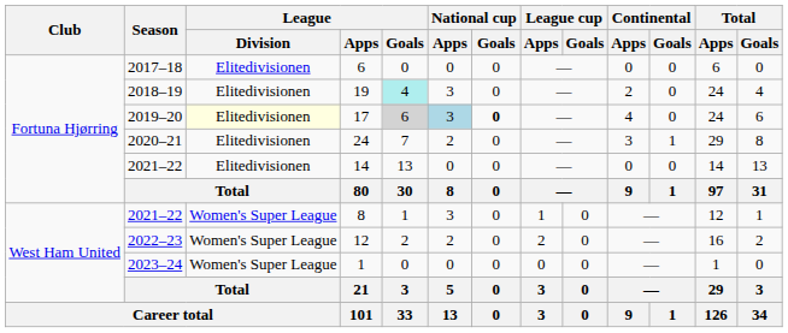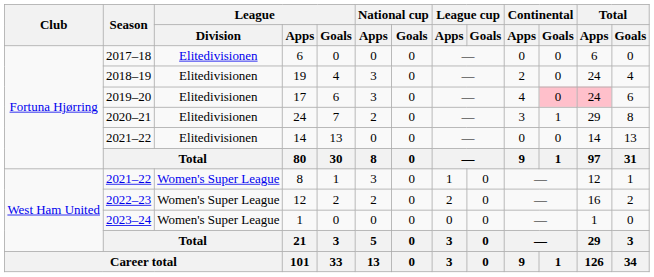 <table class="wikitable" style="text-align:center">
 <tr>
 <th rowspan="2">Club</th>
 <th rowspan="2">Season</th>
 <th colspan="3">League</th>
 <th colspan="2">National cup</th>
 <th colspan="2">League cup</th>
 <th colspan="2">Continental</th>
 <th colspan="2">Total</th>
 </tr>
 <tr>
 <th>Division</th>
 <th>Apps</th>
 <th>Goals</th>
 <th>Apps</th>
 <th>Goals</th>
 <th>Apps</th>
 <th>Goals</th>
 <th>Apps</th>
 <th>Goals</th>
 <th>Apps</th>
 <th>Goals</th>
 </tr>
 <tr>
 <td rowspan="6"><a href='#'>Fortuna Hjørring</a></td>
 <td>2017–18</td>
 <td><a href='#'>Elitedivisionen</a></td>
 <td>6</td>
 <td>0</td>
 <td>0</td>
 <td>0</td>
 <td colspan="2">—</td>
 <td>0</td>
 <td>0</td>
 <td>6</td>
 <td>0</td>
 </tr>
 <tr>
 <td>2018–19</td>
 <td>Elitedivisionen</td>
 <td>19</td>
-<td style="background: paleturquoise;">4</td>
+<td>4</td>
 <td>3</td>
 <td>0</td>
 <td colspan="2">—</td>
 <td>2</td>
 <td>0</td>
 <td>24</td>
 <td>4</td>
 </tr>
 <tr>
 <td>2019–20</td>
-<td style="background: lightyellow;">Elitedivisionen</td>
+<td>Elitedivisionen</td>
 <td>17</td>
-<td style="background: lightgrey;">6</td>
-<td style="background: lightblue;">3</td>
-<td><strong>0</strong></td>
+<td>6</td>
+<td>3</td>
+<td>0</td>
 <td colspan="2">—</td>
 <td>4</td>
-<td>0</td>
-<td>24</td>
+<td style="background: pink;">0</td>
+<td style="background: pink;">24</td>
 <td>6</td>
 </tr>
 <tr>
 <td>2020–21</td>
 <td>Elitedivisionen</td>
 <td>24</td>
 <td>7</td>
 <td>2</td>
 <td>0</td>
 <td colspan="2">—</td>
 <td>3</td>
 <td>1</td>
 <td>29</td>
 <td>8</td>
 </tr>
 <tr>
 <td>2021–22</td>
 <td>Elitedivisionen</td>
 <td>14</td>
 <td>13</td>
 <td>0</td>
 <td>0</td>
 <td colspan="2">—</td>
 <td>0</td>
 <td>0</td>
 <td>14</td>
 <td>13</td>
 </tr>
 <tr>
 <th colspan="2">Total</th>
 <th>80</th>
 <th>30</th>
 <th>8</th>
 <th>0</th>
 <th colspan="2">—</th>
 <th>9</th>
 <th>1</th>
 <th>97</th>
 <th>31</th>
 </tr>
 <tr>
 <td rowspan="4"><a href='#'>West Ham United</a></td>
 <td><a href='#'>2021–22</a></td>
 <td><a href='#'>Women's Super League</a></td>
 <td>8</td>
 <td>1</td>
 <td>3</td>
 <td>0</td>
 <td>1</td>
 <td>0</td>
 <td colspan="2">—</td>
 <td>12</td>
 <td>1</td>
 </tr>
 <tr>
 <td><a href='#'>2022–23</a></td>
 <td>Women's Super League</td>
 <td>12</td>
 <td>2</td>
 <td>2</td>
 <td>0</td>
 <td>2</td>
 <td>0</td>
 <td colspan="2">—</td>
 <td>16</td>
 <td>2</td>
 </tr>
 <tr>
 <td><a href='#'>2023–24</a></td>
 <td>Women's Super League</td>
 <td>1</td>
 <td>0</td>
 <td>0</td>
 <td>0</td>
 <td>0</td>
 <td>0</td>
 <td colspan="2">—</td>
 <td>1</td>
 <td>0</td>
 </tr>
 <tr>
 <th colspan="2">Total</th>
 <th>21</th>
 <th>3</th>
 <th>5</th>
 <th>0</th>
 <th>3</th>
 <th>0</th>
 <th colspan="2">—</th>
 <th>29</th>
 <th>3</th>
 </tr>
 <tr>
 <th colspan="3">Career total</th>
 <th>101</th>
 <th>33</th>
 <th>13</th>
 <th>0</th>
 <th>3</th>
 <th>0</th>
 <th>9</th>
 <th>1</th>
 <th>126</th>
 <th>34</th>
 </tr>
 </table>
